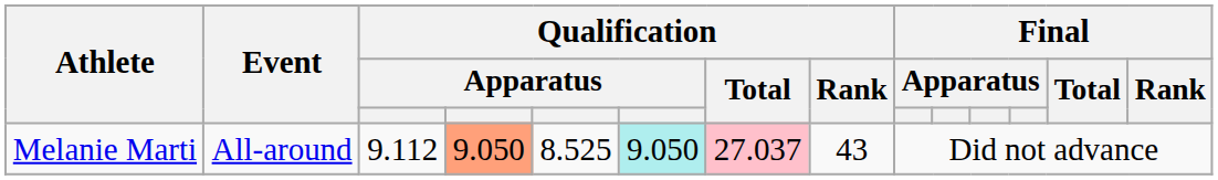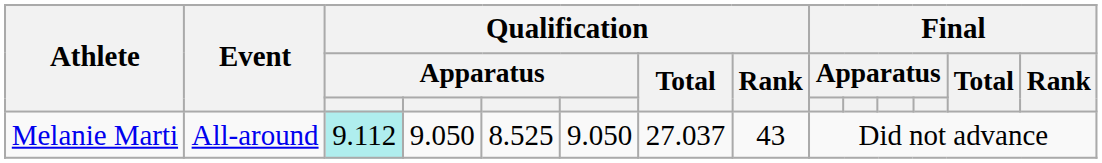 <table class="wikitable" style="font-size:90%">
 <tr>
 <th rowspan=3>Athlete</th>
 <th rowspan=3>Event</th>
 <th colspan=6>Qualification</th>
 <th colspan=6>Final</th>
 </tr>
 <tr style="font-size:95%">
 <th colspan=4>Apparatus</th>
 <th rowspan=2>Total</th>
 <th rowspan=2>Rank</th>
 <th colspan=4>Apparatus</th>
 <th rowspan=2>Total</th>
 <th rowspan=2>Rank</th>
 </tr>
 <tr style="font-size:95%">
 <th></th>
 <th></th>
 <th></th>
 <th></th>
 <th></th>
 <th></th>
 <th></th>
 <th></th>
 </tr>
 <tr align=center>
 <td align=left><a href='#'>Melanie Marti</a></td>
 <td align=left><a href='#'>All-around</a></td>
-<td>9.112</td>
-<td style="background: lightsalmon;">9.050</td>
+<td style="background: paleturquoise;">9.112</td>
+<td>9.050</td>
 <td>8.525</td>
-<td style="background: paleturquoise;">9.050</td>
-<td style="background: pink;">27.037</td>
+<td>9.050</td>
+<td>27.037</td>
 <td>43</td>
 <td colspan=6>Did not advance</td>
 </tr>
 </table>
